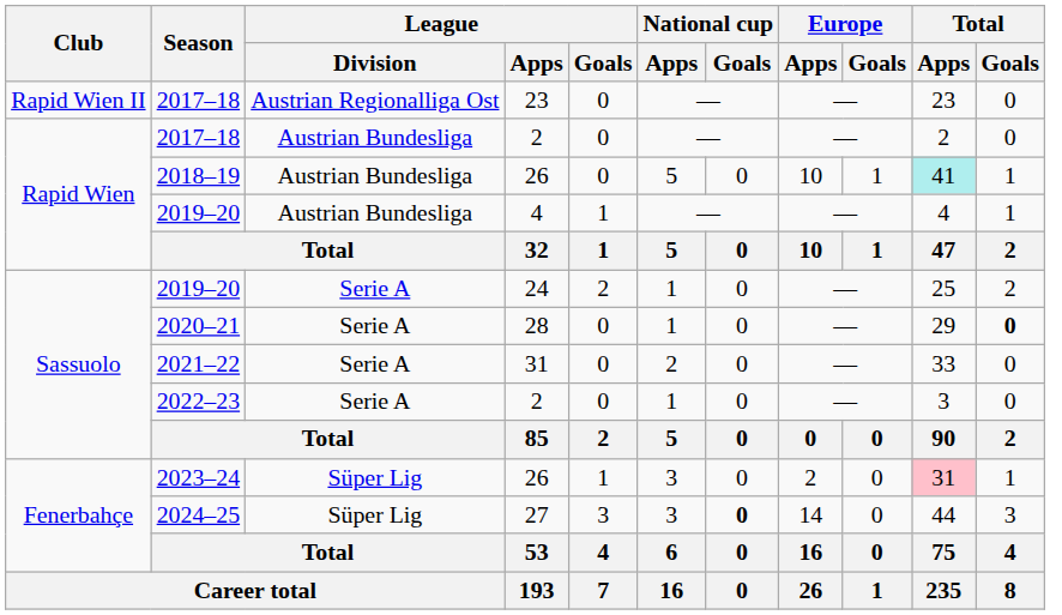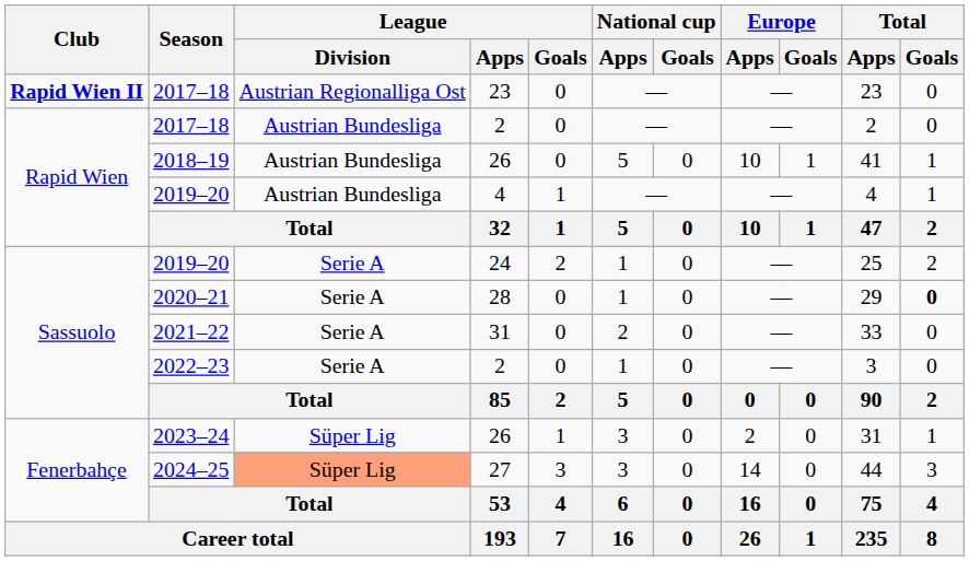 <table class="wikitable" style="text-align: center">
 <tr>
 <th rowspan="2">Club</th>
 <th rowspan="2">Season</th>
 <th colspan="3">League</th>
 <th colspan="2">National cup</th>
 <th colspan="2"><a href='#'>Europe</a></th>
 <th colspan="2">Total</th>
 </tr>
 <tr>
 <th>Division</th>
 <th>Apps</th>
 <th>Goals</th>
 <th>Apps</th>
 <th>Goals</th>
 <th>Apps</th>
 <th>Goals</th>
 <th>Apps</th>
 <th>Goals</th>
 </tr>
 <tr>
-<td><a href='#'>Rapid Wien II</a></td>
+<td><strong><a href='#'>Rapid Wien II</a></strong></td>
 <td><a href='#'>2017–18</a></td>
 <td><a href='#'>Austrian Regionalliga Ost</a></td>
 <td>23</td>
 <td>0</td>
 <td colspan="2">—</td>
 <td colspan="2">—</td>
 <td>23</td>
 <td>0</td>
 </tr>
 <tr>
 <td rowspan="4"><a href='#'>Rapid Wien</a></td>
 <td><a href='#'>2017–18</a></td>
 <td><a href='#'>Austrian Bundesliga</a></td>
 <td>2</td>
 <td>0</td>
 <td colspan="2">—</td>
 <td colspan="2">—</td>
 <td>2</td>
 <td>0</td>
 </tr>
 <tr>
 <td><a href='#'>2018–19</a></td>
 <td>Austrian Bundesliga</td>
 <td>26</td>
 <td>0</td>
 <td>5</td>
 <td>0</td>
 <td>10</td>
 <td>1</td>
-<td style="background: paleturquoise;">41</td>
+<td>41</td>
 <td>1</td>
 </tr>
 <tr>
 <td><a href='#'>2019–20</a></td>
 <td>Austrian Bundesliga</td>
 <td>4</td>
 <td>1</td>
 <td colspan="2">—</td>
 <td colspan="2">—</td>
 <td>4</td>
 <td>1</td>
 </tr>
 <tr>
 <th colspan="2">Total</th>
 <th>32</th>
 <th>1</th>
 <th>5</th>
 <th>0</th>
 <th>10</th>
 <th>1</th>
 <th>47</th>
 <th>2</th>
 </tr>
 <tr>
 <td rowspan="5"><a href='#'>Sassuolo</a></td>
 <td><a href='#'>2019–20</a></td>
 <td><a href='#'>Serie A</a></td>
 <td>24</td>
 <td>2</td>
 <td>1</td>
 <td>0</td>
 <td colspan="2">—</td>
 <td>25</td>
 <td>2</td>
 </tr>
 <tr>
 <td><a href='#'>2020–21</a></td>
 <td>Serie A</td>
 <td>28</td>
 <td>0</td>
 <td>1</td>
 <td>0</td>
 <td colspan="2">—</td>
 <td>29</td>
 <td><strong>0</strong></td>
 </tr>
 <tr>
 <td><a href='#'>2021–22</a></td>
 <td>Serie A</td>
 <td>31</td>
 <td>0</td>
 <td>2</td>
 <td>0</td>
 <td colspan="2">—</td>
 <td>33</td>
 <td>0</td>
 </tr>
 <tr>
 <td><a href='#'>2022–23</a></td>
 <td>Serie A</td>
 <td>2</td>
 <td>0</td>
 <td>1</td>
 <td>0</td>
 <td colspan="2">—</td>
 <td>3</td>
 <td>0</td>
 </tr>
 <tr>
 <th colspan="2">Total</th>
 <th>85</th>
 <th>2</th>
 <th>5</th>
 <th>0</th>
 <th>0</th>
 <th>0</th>
 <th>90</th>
 <th>2</th>
 </tr>
 <tr>
 <td rowspan="3"><a href='#'>Fenerbahçe</a></td>
 <td><a href='#'>2023–24</a></td>
 <td><a href='#'>Süper Lig</a></td>
 <td>26</td>
 <td>1</td>
 <td>3</td>
 <td>0</td>
 <td>2</td>
 <td>0</td>
-<td style="background: pink;">31</td>
+<td>31</td>
 <td>1</td>
 </tr>
 <tr>
 <td><a href='#'>2024–25</a></td>
-<td>Süper Lig</td>
+<td style="background: lightsalmon;">Süper Lig</td>
 <td>27</td>
 <td>3</td>
 <td>3</td>
-<td><strong>0</strong></td>
+<td>0</td>
 <td>14</td>
 <td>0</td>
 <td>44</td>
 <td>3</td>
 </tr>
 <tr>
 <th colspan="2">Total</th>
 <th>53</th>
 <th>4</th>
 <th>6</th>
 <th>0</th>
 <th>16</th>
 <th>0</th>
 <th>75</th>
 <th>4</th>
 </tr>
 <tr>
 <th colspan="3">Career total</th>
 <th>193</th>
 <th>7</th>
 <th>16</th>
 <th>0</th>
 <th>26</th>
 <th>1</th>
 <th>235</th>
 <th>8</th>
 </tr>
 </table>
